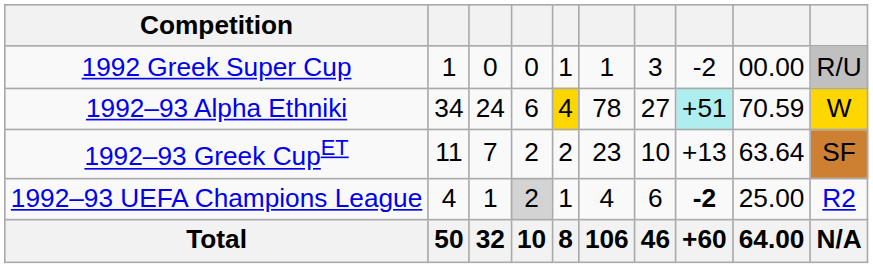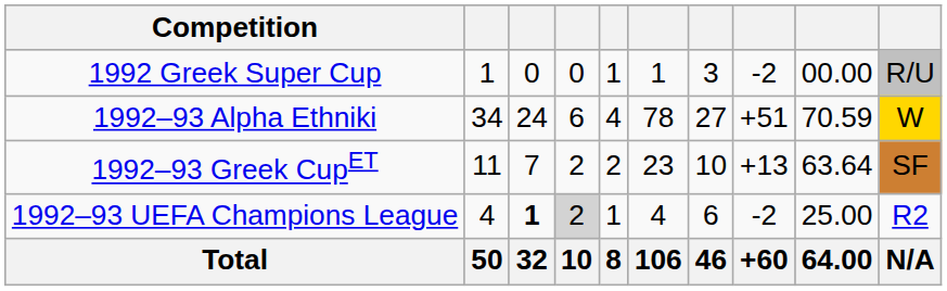 <table class="wikitable" style="text-align:center">
 <tr>
 <th>Competition</th>
 <th></th>
 <th></th>
 <th></th>
 <th></th>
 <th></th>
 <th></th>
 <th></th>
 <th></th>
 <th></th>
 </tr>
 <tr>
 <td><a href='#'>1992 Greek Super Cup</a></td>
 <td>1</td>
 <td>0</td>
 <td>0</td>
 <td>1</td>
 <td>1</td>
 <td>3</td>
 <td>-2</td>
 <td>00.00</td>
 <td bgcolor=#C0C0C0>R/U</td>
 </tr>
 <tr>
 <td><a href='#'>1992–93 Alpha Ethniki</a></td>
 <td>34</td>
 <td>24</td>
 <td>6</td>
-<td style="background: gold;">4</td>
+<td>4</td>
 <td>78</td>
 <td>27</td>
-<td style="background: paleturquoise;">+51</td>
+<td>+51</td>
 <td>70.59</td>
 <td bgcolor=#FFD700>W</td>
 </tr>
 <tr>
 <td><a href='#'>1992–93 Greek Cup</a><sup><a href='#'>ET</a></sup></td>
 <td>11</td>
 <td>7</td>
 <td>2</td>
 <td>2</td>
 <td>23</td>
 <td>10</td>
 <td>+13</td>
 <td>63.64</td>
 <td bgcolor=#CD7F32>SF</td>
 </tr>
 <tr>
 <td><a href='#'>1992–93 UEFA Champions League</a></td>
 <td>4</td>
-<td>1</td>
+<td><strong>1</strong></td>
 <td style="background: lightgrey;">2</td>
 <td>1</td>
 <td>4</td>
 <td>6</td>
-<td><strong>-2</strong></td>
+<td>-2</td>
 <td>25.00</td>
 <td><a href='#'>R2</a></td>
 </tr>
 <tr>
 <th>Total</th>
 <th>50</th>
 <th>32</th>
 <th>10</th>
 <th>8</th>
 <th>106</th>
 <th>46</th>
 <th>+60</th>
 <th>64.00</th>
 <th>N/A</th>
 </tr>
 </table>
